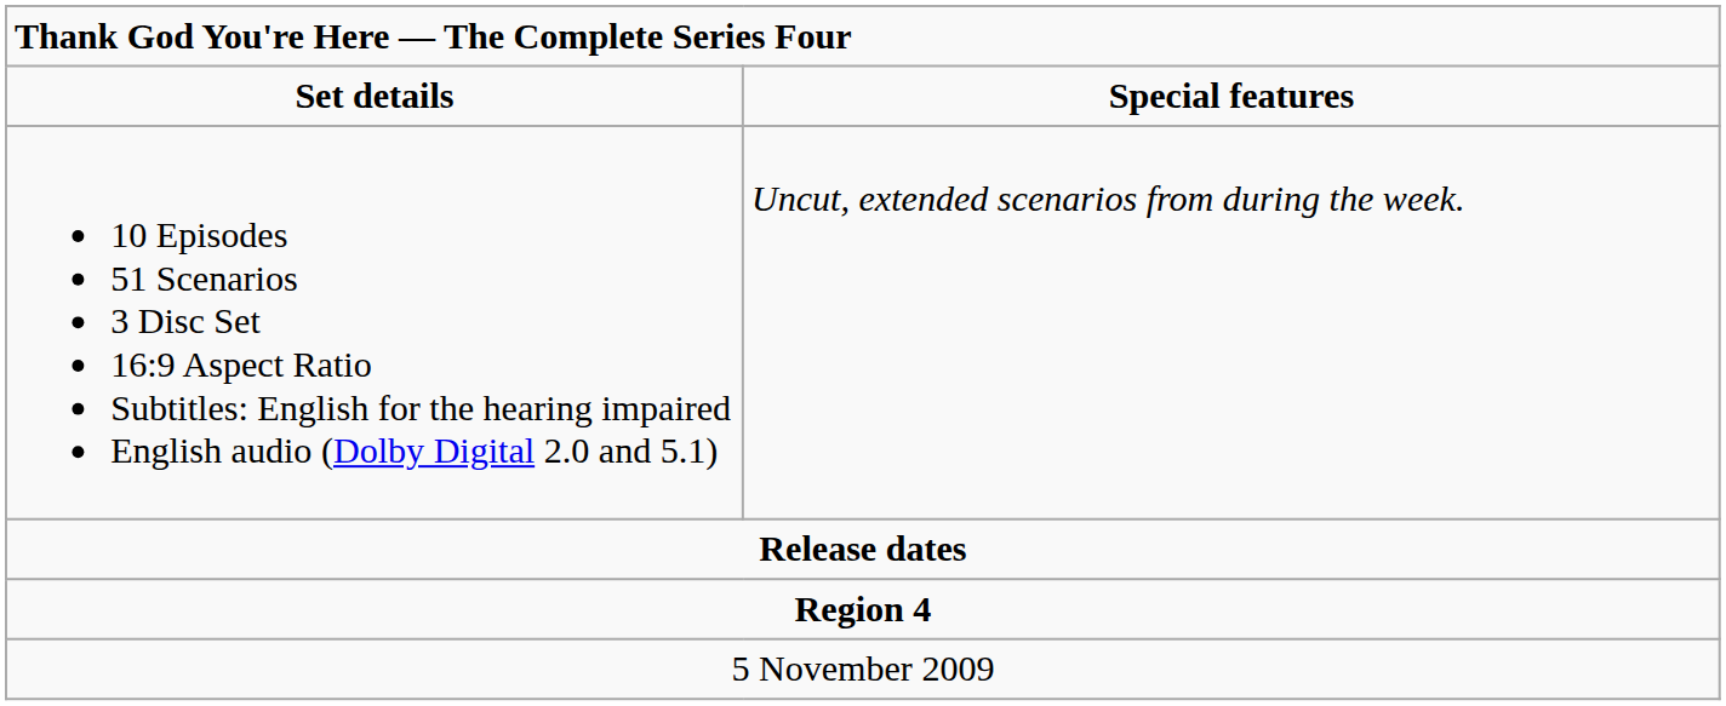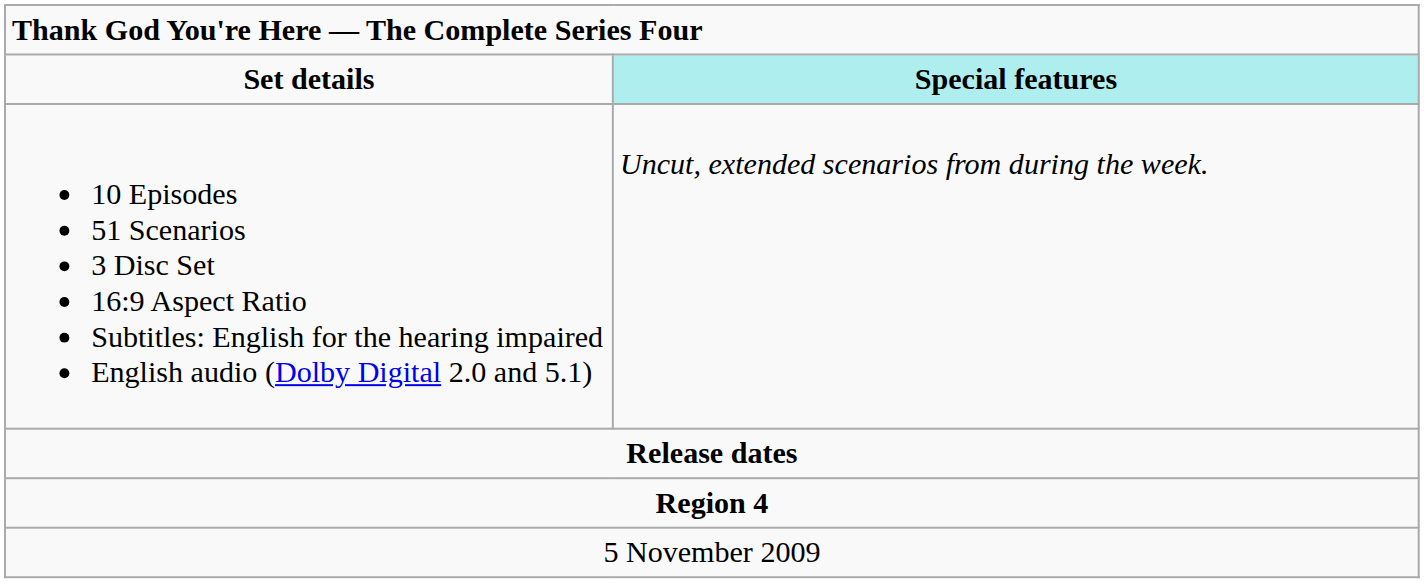 <table class="wikitable" style="font-size: 95%;">
 <tr>
 <td colspan="3"><strong>Thank God You're Here — The Complete Series Four</strong></td>
 </tr>
 <tr style="text-align:center;">
 <td style="width:300px; "><strong>Set details</strong></td>
-<td style="width:400px; "><strong>Special features</strong></td>
+<td style="background: paleturquoise; width:400px; "><strong>Special features</strong></td>
 </tr>
 <tr valign="top">
 <td style="text-align:left; width:300px;"><br><ul><li>10 Episodes</li><li>51 Scenarios</li><li>3 Disc Set</li><li>16:9 Aspect Ratio</li><li>Subtitles: English for the hearing impaired</li><li>English audio (<a href='#'>Dolby Digital</a> 2.0 and 5.1)</li></ul></td>
 <td style="text-align:left; width:400px;"><br><em>Uncut, extended scenarios from during the week.</em></td>
 </tr>
 <tr>
 <td colspan="3" style="text-align:center;"><strong>Release dates</strong></td>
 </tr>
 <tr>
 <td colspan="3" style="text-align:center;"><strong>Region 4</strong></td>
 </tr>
 <tr>
 <td colspan="3" style="text-align:center;">5 November 2009</td>
 </tr>
 </table>
